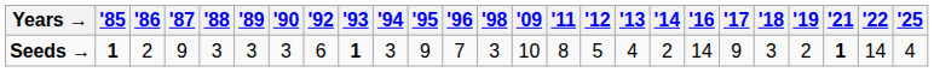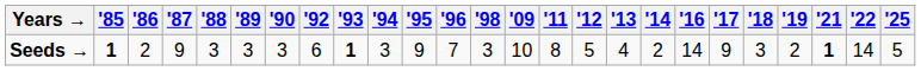 <table class="wikitable">
 <tr>
 <th>Years →</th>
 <th><a href='#'>'85</a></th>
 <th><a href='#'>'86</a></th>
 <th><a href='#'>'87</a></th>
 <th><a href='#'>'88</a></th>
 <th><a href='#'>'89</a></th>
 <th><a href='#'>'90</a></th>
 <th><a href='#'>'92</a></th>
 <th><a href='#'>'93</a></th>
 <th><a href='#'>'94</a></th>
 <th><a href='#'>'95</a></th>
 <th><a href='#'>'96</a></th>
 <th><a href='#'>'98</a></th>
 <th><a href='#'>'09</a></th>
 <th><a href='#'>'11</a></th>
 <th><a href='#'>'12</a></th>
 <th><a href='#'>'13</a></th>
 <th><a href='#'>'14</a></th>
 <th><a href='#'>'16</a></th>
 <th><a href='#'>'17</a></th>
 <th><a href='#'>'18</a></th>
 <th><a href='#'>'19</a></th>
 <th><a href='#'>'21</a></th>
 <th><a href='#'>'22</a></th>
 <th><a href='#'>'25</a></th>
 </tr>
 <tr align=center>
 <td style="text-align:left; "><strong>Seeds →</strong></td>
 <td><strong>1</strong></td>
 <td>2</td>
 <td>9</td>
 <td>3</td>
 <td>3</td>
 <td>3</td>
 <td>6</td>
 <td><strong>1</strong></td>
 <td>3</td>
 <td>9</td>
 <td>7</td>
 <td>3</td>
 <td>10</td>
 <td>8</td>
 <td>5</td>
 <td>4</td>
 <td>2</td>
 <td>14</td>
 <td>9</td>
 <td>3</td>
 <td>2</td>
 <td><strong>1</strong></td>
 <td>14</td>
-<td>4</td>
+<td>5</td>
 </tr>
 </table>
